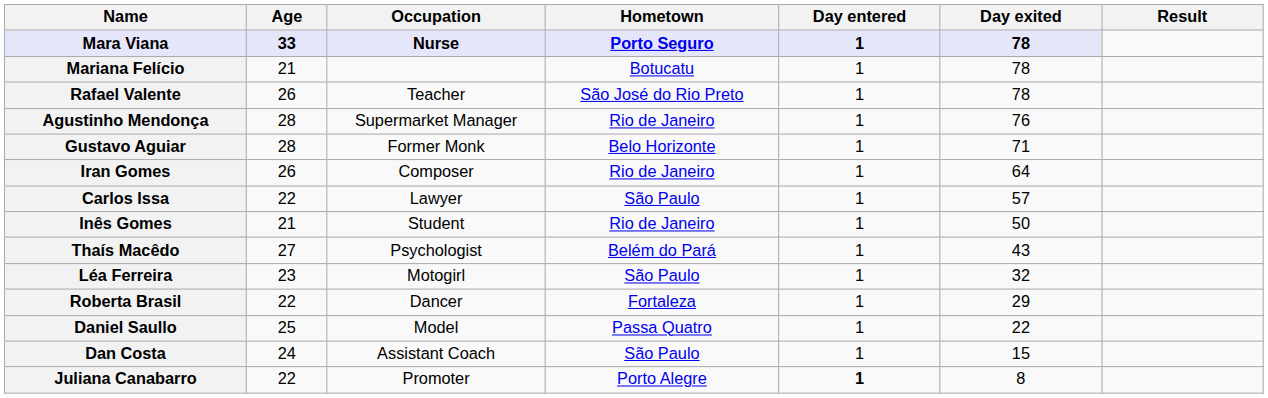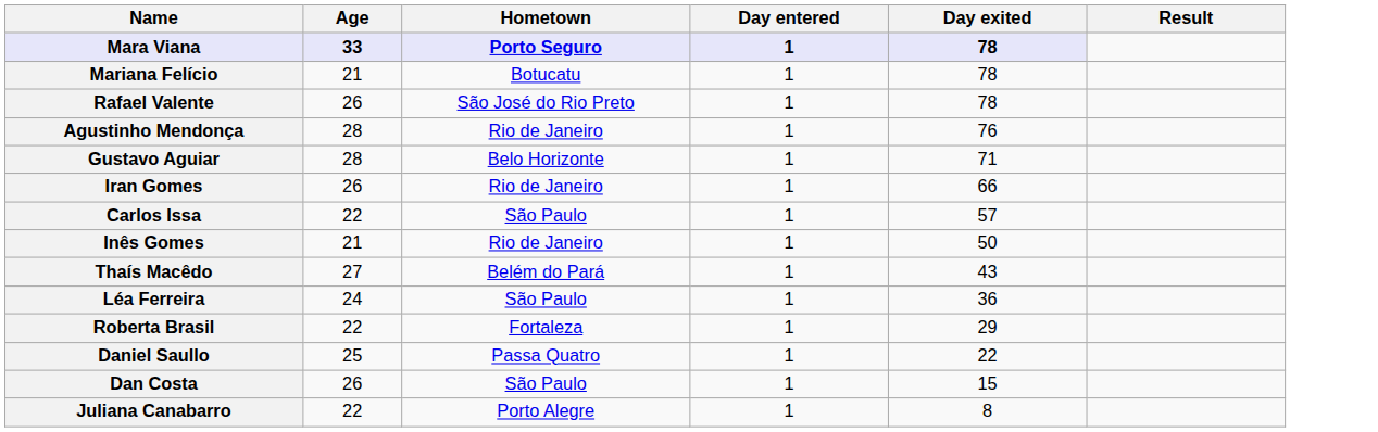 <table class="wikitable sortable" style="text-align:center;">
 <tr>
 <th scope="col" width="15.0%">Name</th>
 <th scope="col" width="05.0%">Age</th>
-<th scope="col" width="13.5%">Occupation</th>
 <th scope="col" width="14.5%">Hometown</th>
 <th scope="col" width="10.0%">Day entered</th>
 <th scope="col" width="10.0%">Day exited</th>
 <th scope="col" width="10.0%">Result</th>
 </tr>
 <tr>
 <td bgcolor="E6E6FA"><strong>Mara Viana</strong></td>
 <td bgcolor="E6E6FA"><strong>33</strong></td>
-<td bgcolor="E6E6FA"><strong>Nurse</strong></td>
 <td bgcolor="E6E6FA"><strong><a href='#'>Porto Seguro</a></strong></td>
 <td bgcolor="E6E6FA"><strong>1</strong></td>
 <td bgcolor="E6E6FA"><strong>78</strong></td>
 <td></td>
 </tr>
 <tr>
 <th>Mariana Felício</th>
 <td>21</td>
-<td></td>
 <td><a href='#'>Botucatu</a></td>
 <td>1</td>
 <td>78</td>
 <td></td>
 </tr>
 <tr>
 <th>Rafael Valente</th>
 <td>26</td>
-<td>Teacher</td>
 <td><a href='#'>São José do Rio Preto</a></td>
 <td>1</td>
 <td>78</td>
 <td></td>
 </tr>
 <tr>
 <th>Agustinho Mendonça</th>
 <td>28</td>
-<td>Supermarket Manager</td>
 <td><a href='#'>Rio de Janeiro</a></td>
 <td>1</td>
 <td>76</td>
 <td></td>
 </tr>
 <tr>
 <th>Gustavo Aguiar</th>
 <td>28</td>
-<td>Former Monk</td>
 <td><a href='#'>Belo Horizonte</a></td>
 <td>1</td>
 <td>71</td>
 <td></td>
 </tr>
 <tr>
 <th>Iran Gomes</th>
 <td>26</td>
-<td>Composer</td>
 <td><a href='#'>Rio de Janeiro</a></td>
 <td>1</td>
-<td>64</td>
+<td>66</td>
 <td></td>
 </tr>
 <tr>
 <th>Carlos Issa</th>
 <td>22</td>
-<td>Lawyer</td>
 <td><a href='#'>São Paulo</a></td>
 <td>1</td>
 <td>57</td>
 <td></td>
 </tr>
 <tr>
 <th>Inês Gomes</th>
 <td>21</td>
-<td>Student</td>
 <td><a href='#'>Rio de Janeiro</a></td>
 <td>1</td>
 <td>50</td>
 <td></td>
 </tr>
 <tr>
 <th>Thaís Macêdo</th>
 <td>27</td>
-<td>Psychologist</td>
 <td><a href='#'>Belém do Pará</a></td>
 <td>1</td>
 <td>43</td>
 <td></td>
 </tr>
 <tr>
 <th>Léa Ferreira</th>
-<td>23</td>
-<td>Motogirl</td>
+<td>24</td>
 <td><a href='#'>São Paulo</a></td>
 <td>1</td>
-<td>32</td>
+<td>36</td>
 <td></td>
 </tr>
 <tr>
 <th>Roberta Brasil</th>
 <td>22</td>
-<td>Dancer</td>
 <td><a href='#'>Fortaleza</a></td>
 <td>1</td>
 <td>29</td>
 <td></td>
 </tr>
 <tr>
 <th>Daniel Saullo</th>
 <td>25</td>
-<td>Model</td>
 <td><a href='#'>Passa Quatro</a></td>
 <td>1</td>
 <td>22</td>
 <td></td>
 </tr>
 <tr>
 <th>Dan Costa</th>
-<td>24</td>
-<td>Assistant Coach</td>
+<td>26</td>
 <td><a href='#'>São Paulo</a></td>
 <td>1</td>
 <td>15</td>
 <td></td>
 </tr>
 <tr>
 <th>Juliana Canabarro</th>
 <td>22</td>
-<td>Promoter</td>
 <td><a href='#'>Porto Alegre</a></td>
-<td><strong>1</strong></td>
+<td>1</td>
 <td>8</td>
 <td></td>
 </tr>
 </table>
